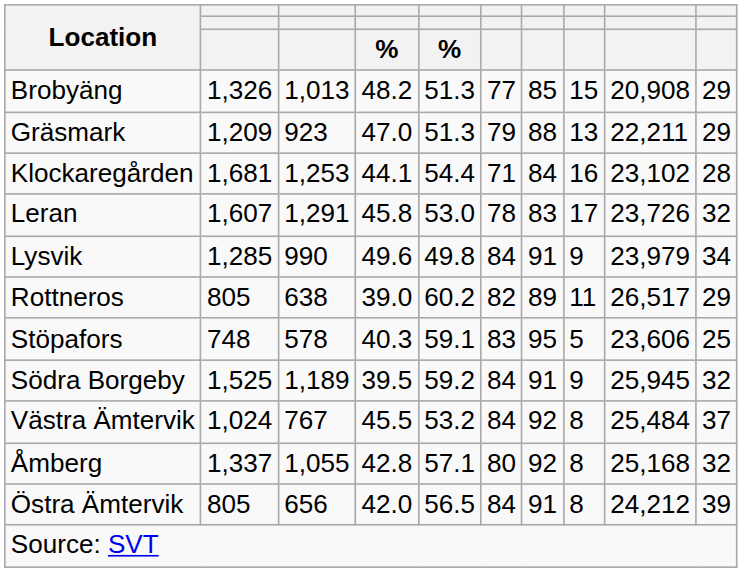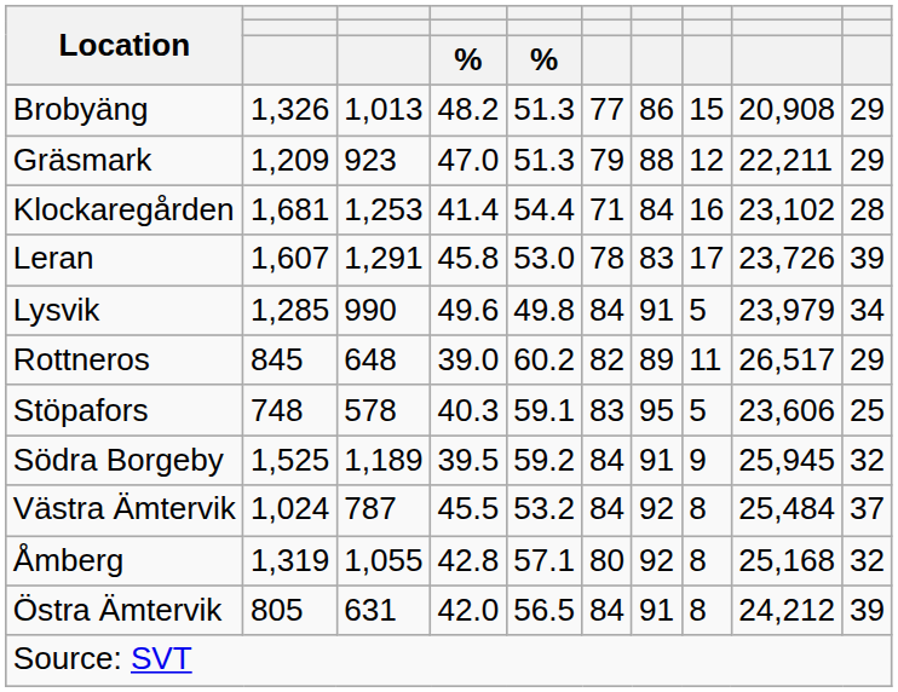 <table role="presentation" class="wikitable sortable mw-collapsible">
 <tr>
 <th rowspan="3">Location</th>
 <th></th>
 <th></th>
 <th></th>
 <th></th>
 <th></th>
 <th></th>
 <th></th>
 <th></th>
 <th></th>
 </tr>
 <tr>
 <th></th>
 <th></th>
 <th style="background:"></th>
 <th style="background:"></th>
 <th></th>
 <th></th>
 <th></th>
 <th></th>
 <th></th>
 </tr>
 <tr>
 <th data-sort-type="number"></th>
 <th data-sort-type="number"></th>
 <th data-sort-type="number">%</th>
 <th data-sort-type="number">%</th>
 <th data-sort-type="number"></th>
 <th data-sort-type="number"></th>
 <th data-sort-type="number"></th>
 <th data-sort-type="number"></th>
 <th data-sort-type="number"></th>
 </tr>
 <tr>
 <td align="left">Brobyäng</td>
 <td>1,326</td>
 <td>1,013</td>
 <td>48.2</td>
 <td>51.3</td>
 <td>77</td>
-<td>85</td>
+<td>86</td>
 <td>15</td>
 <td>20,908</td>
 <td>29</td>
 </tr>
 <tr>
 <td align="left">Gräsmark</td>
 <td>1,209</td>
 <td>923</td>
 <td>47.0</td>
 <td>51.3</td>
 <td>79</td>
 <td>88</td>
-<td>13</td>
+<td>12</td>
 <td>22,211</td>
 <td>29</td>
 </tr>
 <tr>
 <td align="left">Klockaregården</td>
 <td>1,681</td>
 <td>1,253</td>
-<td>44.1</td>
+<td>41.4</td>
 <td>54.4</td>
 <td>71</td>
 <td>84</td>
 <td>16</td>
 <td>23,102</td>
 <td>28</td>
 </tr>
 <tr>
 <td align="left">Leran</td>
 <td>1,607</td>
 <td>1,291</td>
 <td>45.8</td>
 <td>53.0</td>
 <td>78</td>
 <td>83</td>
 <td>17</td>
 <td>23,726</td>
-<td>32</td>
+<td>39</td>
 </tr>
 <tr>
 <td align="left">Lysvik</td>
 <td>1,285</td>
 <td>990</td>
 <td>49.6</td>
 <td>49.8</td>
 <td>84</td>
 <td>91</td>
-<td>9</td>
+<td>5</td>
 <td>23,979</td>
 <td>34</td>
 </tr>
 <tr>
 <td align="left">Rottneros</td>
-<td>805</td>
-<td>638</td>
+<td>845</td>
+<td>648</td>
 <td>39.0</td>
 <td>60.2</td>
 <td>82</td>
 <td>89</td>
 <td>11</td>
 <td>26,517</td>
 <td>29</td>
 </tr>
 <tr>
 <td align="left">Stöpafors</td>
 <td>748</td>
 <td>578</td>
 <td>40.3</td>
 <td>59.1</td>
 <td>83</td>
 <td>95</td>
 <td>5</td>
 <td>23,606</td>
 <td>25</td>
 </tr>
 <tr>
 <td align="left">Södra Borgeby</td>
 <td>1,525</td>
 <td>1,189</td>
 <td>39.5</td>
 <td>59.2</td>
 <td>84</td>
 <td>91</td>
 <td>9</td>
 <td>25,945</td>
 <td>32</td>
 </tr>
 <tr>
 <td align="left">Västra Ämtervik</td>
 <td>1,024</td>
-<td>767</td>
+<td>787</td>
 <td>45.5</td>
 <td>53.2</td>
 <td>84</td>
 <td>92</td>
 <td>8</td>
 <td>25,484</td>
 <td>37</td>
 </tr>
 <tr>
 <td align="left">Åmberg</td>
-<td>1,337</td>
+<td>1,319</td>
 <td>1,055</td>
 <td>42.8</td>
 <td>57.1</td>
 <td>80</td>
 <td>92</td>
 <td>8</td>
 <td>25,168</td>
 <td>32</td>
 </tr>
 <tr>
 <td align="left">Östra Ämtervik</td>
 <td>805</td>
-<td>656</td>
+<td>631</td>
 <td>42.0</td>
 <td>56.5</td>
 <td>84</td>
 <td>91</td>
 <td>8</td>
 <td>24,212</td>
 <td>39</td>
 </tr>
 <tr>
 <td colspan="10" align="left">Source: <a href='#'>SVT</a></td>
 </tr>
 </table>
